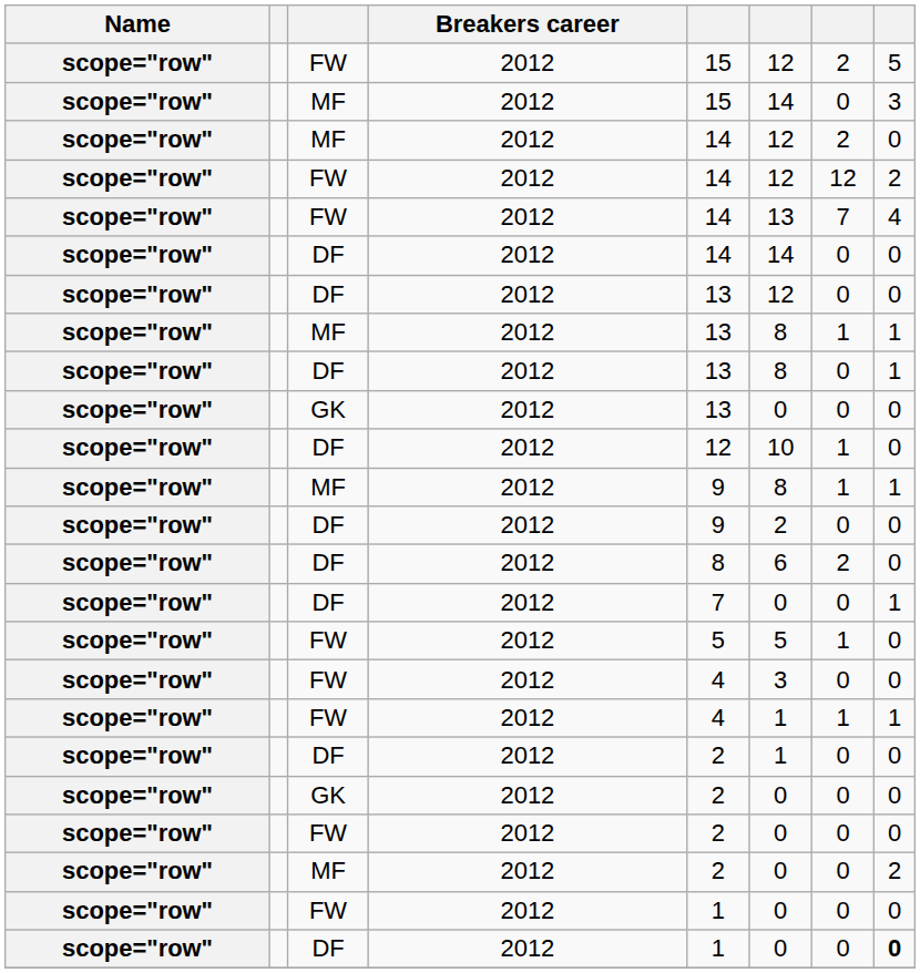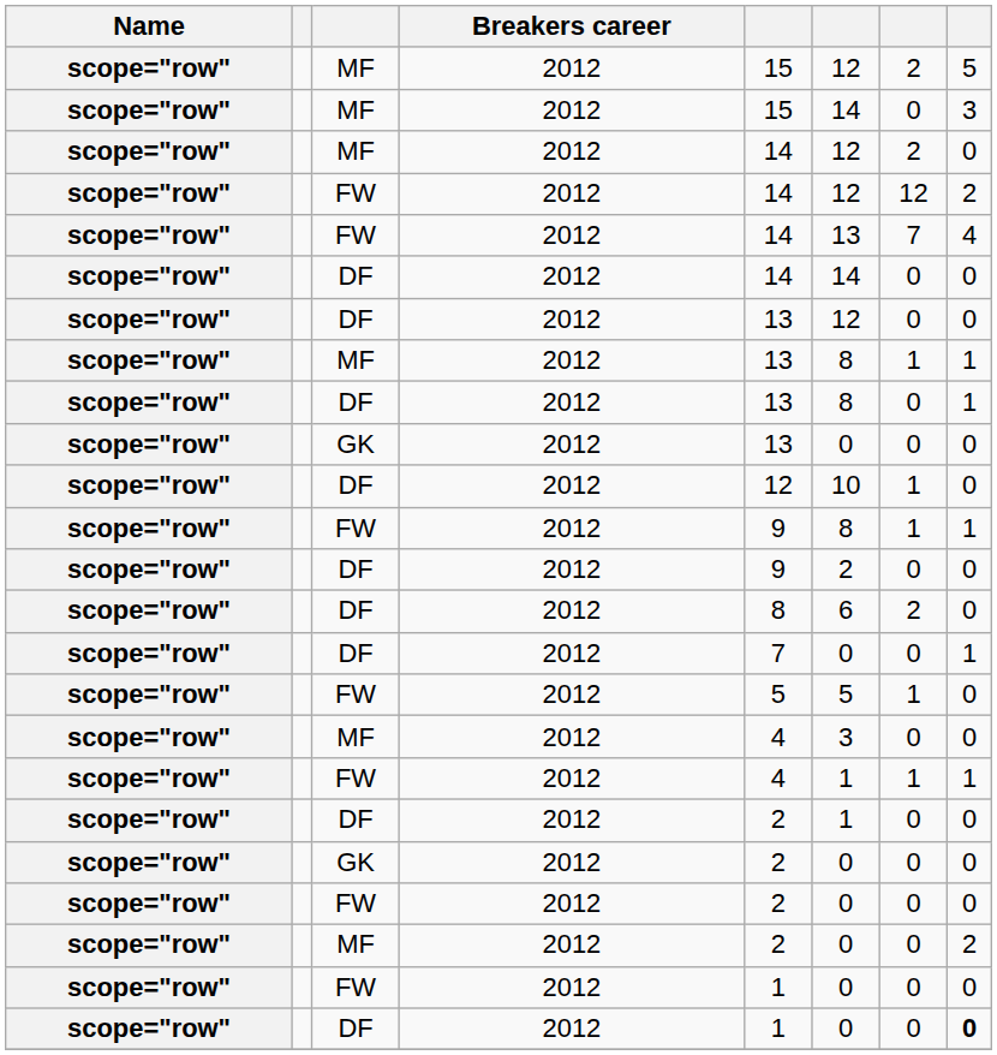 <table class="wikitable sortable" style="text-align:center;width:600px;">
 <tr>
 <th scope="col">Name</th>
 <th scope="col"></th>
 <th scope="col"></th>
 <th scope="col">Breakers career</th>
 <th scope="col"></th>
 <th scope="col"></th>
 <th scope="col"></th>
 <th scope="col"></th>
 </tr>
 <tr>
 <th>scope="row" </th>
 <td></td>
-<td>FW</td>
+<td>MF</td>
 <td>2012</td>
 <td>15</td>
 <td>12</td>
 <td>2</td>
 <td>5</td>
 </tr>
 <tr>
 <th>scope="row" </th>
 <td></td>
 <td>MF</td>
 <td>2012</td>
 <td>15</td>
 <td>14</td>
 <td>0</td>
 <td>3</td>
 </tr>
 <tr>
 <th>scope="row" </th>
 <td></td>
 <td>MF</td>
 <td>2012</td>
 <td>14</td>
 <td>12</td>
 <td>2</td>
 <td>0</td>
 </tr>
 <tr>
 <th>scope="row" </th>
 <td></td>
 <td>FW</td>
 <td>2012</td>
 <td>14</td>
 <td>12</td>
 <td>12</td>
 <td>2</td>
 </tr>
 <tr>
 <th>scope="row" </th>
 <td></td>
 <td>FW</td>
 <td>2012</td>
 <td>14</td>
 <td>13</td>
 <td>7</td>
 <td>4</td>
 </tr>
 <tr>
 <th>scope="row" </th>
 <td></td>
 <td>DF</td>
 <td>2012</td>
 <td>14</td>
 <td>14</td>
 <td>0</td>
 <td>0</td>
 </tr>
 <tr>
 <th>scope="row" </th>
 <td></td>
 <td>DF</td>
 <td>2012</td>
 <td>13</td>
 <td>12</td>
 <td>0</td>
 <td>0</td>
 </tr>
 <tr>
 <th>scope="row" </th>
 <td></td>
 <td>MF</td>
 <td>2012</td>
 <td>13</td>
 <td>8</td>
 <td>1</td>
 <td>1</td>
 </tr>
 <tr>
 <th>scope="row" </th>
 <td></td>
 <td>DF</td>
 <td>2012</td>
 <td>13</td>
 <td>8</td>
 <td>0</td>
 <td>1</td>
 </tr>
 <tr>
 <th>scope="row" </th>
 <td></td>
 <td>GK</td>
 <td>2012</td>
 <td>13</td>
 <td>0</td>
 <td>0</td>
 <td>0</td>
 </tr>
 <tr>
 <th>scope="row" </th>
 <td></td>
 <td>DF</td>
 <td>2012</td>
 <td>12</td>
 <td>10</td>
 <td>1</td>
 <td>0</td>
 </tr>
 <tr>
 <th>scope="row" </th>
 <td></td>
-<td>MF</td>
+<td>FW</td>
 <td>2012</td>
 <td>9</td>
 <td>8</td>
 <td>1</td>
 <td>1</td>
 </tr>
 <tr>
 <th>scope="row" </th>
 <td></td>
 <td>DF</td>
 <td>2012</td>
 <td>9</td>
 <td>2</td>
 <td>0</td>
 <td>0</td>
 </tr>
 <tr>
 <th>scope="row" </th>
 <td></td>
 <td>DF</td>
 <td>2012</td>
 <td>8</td>
 <td>6</td>
 <td>2</td>
 <td>0</td>
 </tr>
 <tr>
 <th>scope="row" </th>
 <td></td>
 <td>DF</td>
 <td>2012</td>
 <td>7</td>
 <td>0</td>
 <td>0</td>
 <td>1</td>
 </tr>
 <tr>
 <th>scope="row" </th>
 <td></td>
 <td>FW</td>
 <td>2012</td>
 <td>5</td>
 <td>5</td>
 <td>1</td>
 <td>0</td>
 </tr>
 <tr>
 <th>scope="row" </th>
 <td></td>
-<td>FW</td>
+<td>MF</td>
 <td>2012</td>
 <td>4</td>
 <td>3</td>
 <td>0</td>
 <td>0</td>
 </tr>
 <tr>
 <th>scope="row" </th>
 <td></td>
 <td>FW</td>
 <td>2012</td>
 <td>4</td>
 <td>1</td>
 <td>1</td>
 <td>1</td>
 </tr>
 <tr>
 <th>scope="row" </th>
 <td></td>
 <td>DF</td>
 <td>2012</td>
 <td>2</td>
 <td>1</td>
 <td>0</td>
 <td>0</td>
 </tr>
 <tr>
 <th>scope="row" </th>
 <td></td>
 <td>GK</td>
 <td>2012</td>
 <td>2</td>
 <td>0</td>
 <td>0</td>
 <td>0</td>
 </tr>
 <tr>
 <th>scope="row" </th>
 <td></td>
 <td>FW</td>
 <td>2012</td>
 <td>2</td>
 <td>0</td>
 <td>0</td>
 <td>0</td>
 </tr>
 <tr>
 <th>scope="row" </th>
 <td></td>
 <td>MF</td>
 <td>2012</td>
 <td>2</td>
 <td>0</td>
 <td>0</td>
 <td>2</td>
 </tr>
 <tr>
 <th>scope="row" </th>
 <td></td>
 <td>FW</td>
 <td>2012</td>
 <td>1</td>
 <td>0</td>
 <td>0</td>
 <td>0</td>
 </tr>
 <tr>
 <th>scope="row" </th>
 <td></td>
 <td>DF</td>
 <td>2012</td>
 <td>1</td>
 <td>0</td>
 <td>0</td>
 <td><strong>0</strong></td>
 </tr>
 <tr>
 </tr>
 </table>
